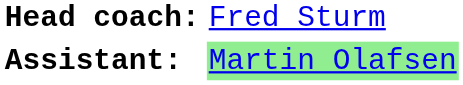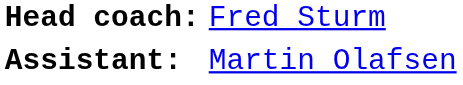 <table>
 <tr>
 <td><strong>Head coach:</strong></td>
 <td><a href='#'>Fred Sturm</a></td>
 </tr>
 <tr>
 <td><strong>Assistant:</strong></td>
-<td style="background: lightgreen;"><a href='#'>Martin Olafsen</a></td>
+<td><a href='#'>Martin Olafsen</a></td>
 </tr>
 </table>
